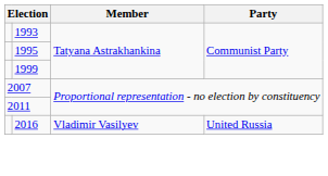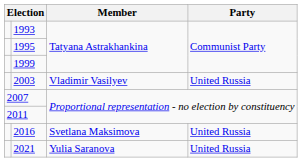 <table class="wikitable">
 <tr>
 <th colspan="2">Election</th>
 <th>Member</th>
 <th>Party</th>
 </tr>
 <tr>
 <td style="background-color:"></td>
 <td><a href='#'>1993</a></td>
 <td rowspan=3><a href='#'>Tatyana Astrakhankina</a></td>
 <td rowspan=3><a href='#'>Communist Party</a></td>
 </tr>
 <tr>
 <td style="background-color:"></td>
 <td><a href='#'>1995</a></td>
 </tr>
 <tr>
 <td style="background-color:"></td>
 <td><a href='#'>1999</a></td>
 </tr>
 <tr>
+<td style="background-color:"></td>
+<td><a href='#'>2003</a></td>
+<td><a href='#'>Vladimir Vasilyev</a></td>
+<td><a href='#'>United Russia</a></td>
+</tr>
+<tr>
 <td colspan=2><a href='#'>2007</a></td>
 <td colspan=2 rowspan=2><em><a href='#'>Proportional representation</a> - no election by constituency</em></td>
 </tr>
 <tr>
 <td colspan=2><a href='#'>2011</a></td>
 </tr>
 <tr>
 <td style="background-color: "></td>
 <td><a href='#'>2016</a></td>
-<td><a href='#'>Vladimir Vasilyev</a></td>
+<td><a href='#'>Svetlana Maksimova</a></td>
+<td><a href='#'>United Russia</a></td>
+</tr>
+<tr>
+<td style="background-color: "></td>
+<td><a href='#'>2021</a></td>
+<td><a href='#'>Yulia Saranova</a></td>
 <td><a href='#'>United Russia</a></td>
 </tr>
 </table>
